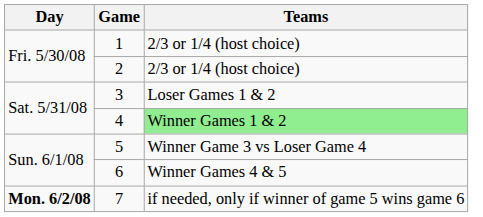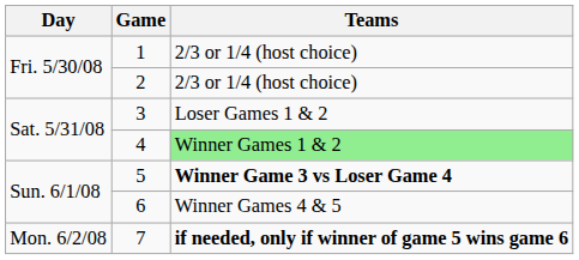 <table class="wikitable">
 <tr>
 <th>Day</th>
 <th>Game</th>
 <th>Teams</th>
 </tr>
 <tr>
 <td rowspan=2>Fri. 5/30/08</td>
 <td align=center>1</td>
 <td>2/3 or 1/4 (host choice)</td>
 </tr>
 <tr>
 <td align=center>2</td>
 <td>2/3 or 1/4 (host choice)</td>
 </tr>
 <tr>
 <td rowspan=2>Sat. 5/31/08</td>
 <td align=center>3</td>
 <td>Loser Games 1 & 2</td>
 </tr>
 <tr>
 <td align=center>4</td>
 <td style="background: lightgreen;">Winner Games 1 & 2</td>
 </tr>
 <tr>
 <td rowspan=2>Sun. 6/1/08</td>
 <td align=center>5</td>
-<td>Winner Game 3 vs Loser Game 4</td>
+<td><strong>Winner Game 3 vs Loser Game 4</strong></td>
 </tr>
 <tr>
 <td align=center>6</td>
 <td>Winner Games 4 & 5</td>
 </tr>
 <tr>
-<td><strong>Mon. 6/2/08</strong></td>
+<td>Mon. 6/2/08</td>
 <td align=center>7</td>
-<td>if needed, only if winner of game 5 wins game 6</td>
+<td><strong>if needed, only if winner of game 5 wins game 6</strong></td>
 </tr>
 </table>
